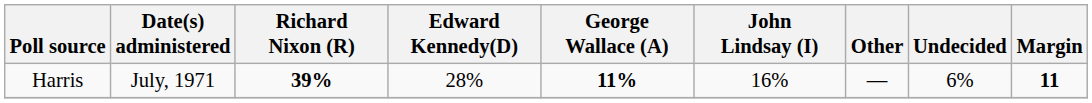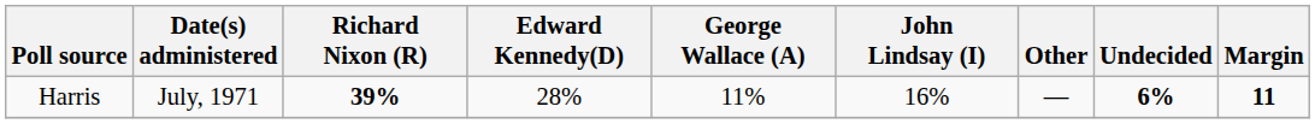 <table class="wikitable sortable" style="text-align:center;font-size:90%;line-height:17px">
 <tr valign= bottom>
 <th>Poll source</th>
 <th>Date(s)<br>administered</th>
 <th class="unsortable" style="width:100px;">Richard<br>Nixon (R)</th>
 <th class="unsortable" style="width:100px;">Edward<br>Kennedy(D)</th>
 <th class="unsortable" style="width:100px;">George<br>Wallace (A) </th>
 <th class="unsortable" style="width:100px;">John<br>Lindsay (I)</th>
 <th class="unsortable">Other</th>
 <th class="unsortable">Undecided</th>
 <th>Margin</th>
 </tr>
 <tr>
 <td align="center">Harris</td>
 <td>July, 1971</td>
 <td><strong>39%</strong></td>
 <td align="center">28%</td>
-<td align="center"><strong>11%</strong></td>
+<td align="center">11%</td>
 <td align="center">16%</td>
 <td align="center">—</td>
-<td align="center">6%</td>
+<td align="center"><strong>6%</strong></td>
 <td><strong>11</strong></td>
 </tr>
 <tr>
 </tr>
 </table>
